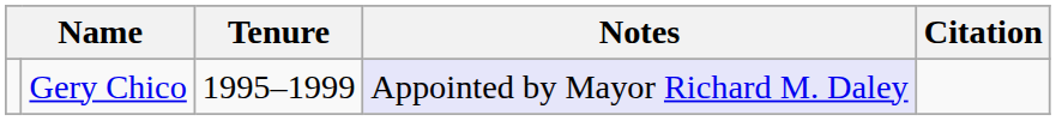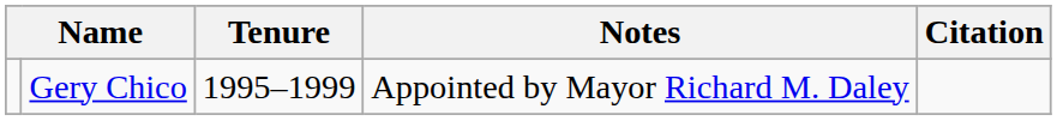 <table class="wikitable">
 <tr>
 <th colspan=2>Name</th>
 <th>Tenure</th>
 <th>Notes</th>
 <th>Citation</th>
 </tr>
 <tr>
 <td></td>
 <td><a href='#'>Gery Chico</a></td>
 <td>1995–1999</td>
-<td style="background: lavender;">Appointed by Mayor <a href='#'>Richard M. Daley</a></td>
+<td>Appointed by Mayor <a href='#'>Richard M. Daley</a></td>
 <td></td>
 </tr>
 </table>
